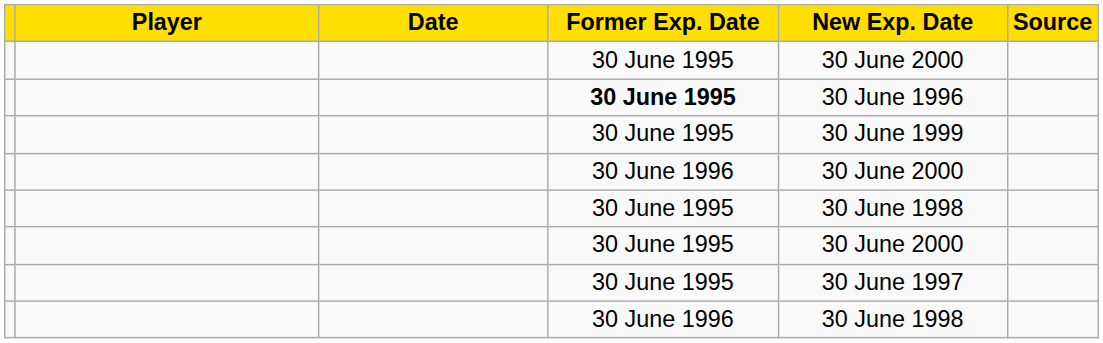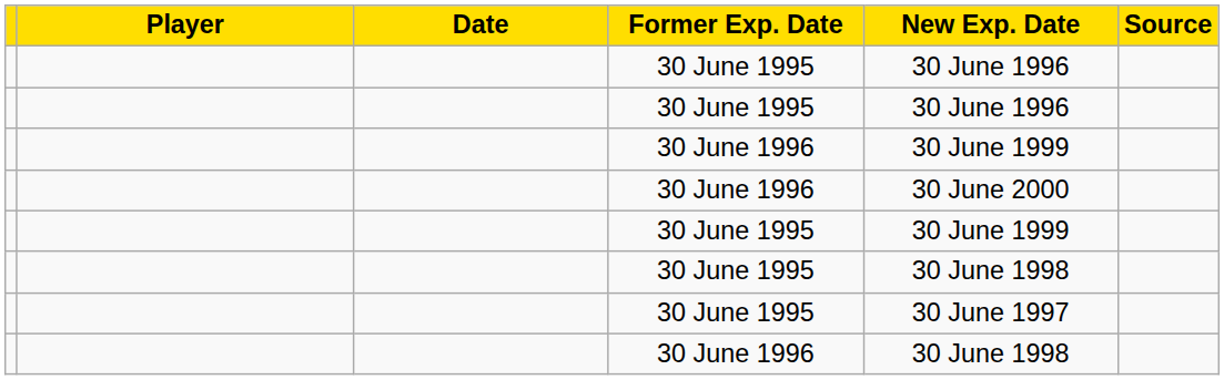 <table class="wikitable sortable">
 <tr>
 <th style="background:#FFDE00"></th>
 <th width=200 style="background:#FFDE00">Player</th>
 <th width=150 style="background:#FFDE00">Date</th>
 <th width=150 style="background:#FFDE00">Former Exp. Date</th>
 <th width=150 style="background:#FFDE00">New Exp. Date</th>
 <th style="background:#FFDE00">Source</th>
 </tr>
 <tr>
 <td align=center></td>
 <td></td>
 <td align=center></td>
 <td align=center>30 June 1995</td>
-<td align=center>30 June 2000</td>
-<td align=center></td>
-</tr>
-<tr>
-<td align=center></td>
-<td></td>
-<td align=center></td>
-<td align=center><strong>30 June 1995</strong></td>
 <td align=center>30 June 1996</td>
 <td align=center></td>
 </tr>
 <tr>
 <td align=center></td>
 <td></td>
 <td align=center></td>
 <td align=center>30 June 1995</td>
+<td align=center>30 June 1996</td>
+<td align=center></td>
+</tr>
+<tr>
+<td align=center></td>
+<td></td>
+<td align=center></td>
+<td align=center>30 June 1996</td>
 <td align=center>30 June 1999</td>
 <td align=center></td>
 </tr>
 <tr>
 <td align=center></td>
 <td></td>
 <td align=center></td>
 <td align=center>30 June 1996</td>
 <td align=center>30 June 2000</td>
 <td align=center></td>
 </tr>
 <tr>
 <td align=center></td>
 <td></td>
 <td align=center></td>
 <td align=center>30 June 1995</td>
-<td align=center>30 June 1998</td>
+<td align=center>30 June 1999</td>
 <td align=center></td>
 </tr>
 <tr>
 <td align=center></td>
 <td></td>
 <td align=center></td>
 <td align=center>30 June 1995</td>
-<td align=center>30 June 2000</td>
+<td align=center>30 June 1998</td>
 <td align=center></td>
 </tr>
 <tr>
 <td align=center></td>
 <td></td>
 <td align=center></td>
 <td align=center>30 June 1995</td>
 <td align=center>30 June 1997</td>
 <td align=center></td>
 </tr>
 <tr>
 <td align=center></td>
 <td></td>
 <td align=center></td>
 <td align=center>30 June 1996</td>
 <td align=center>30 June 1998</td>
 <td align=center></td>
 </tr>
 </table>
